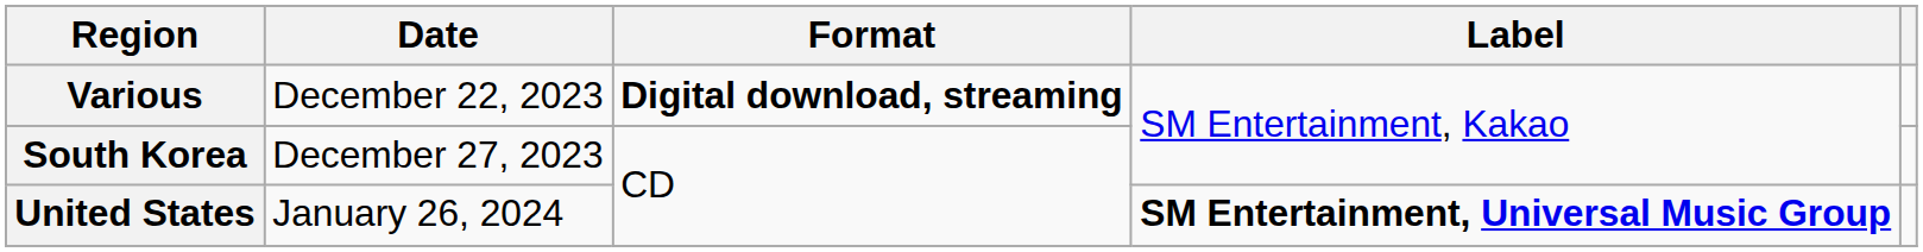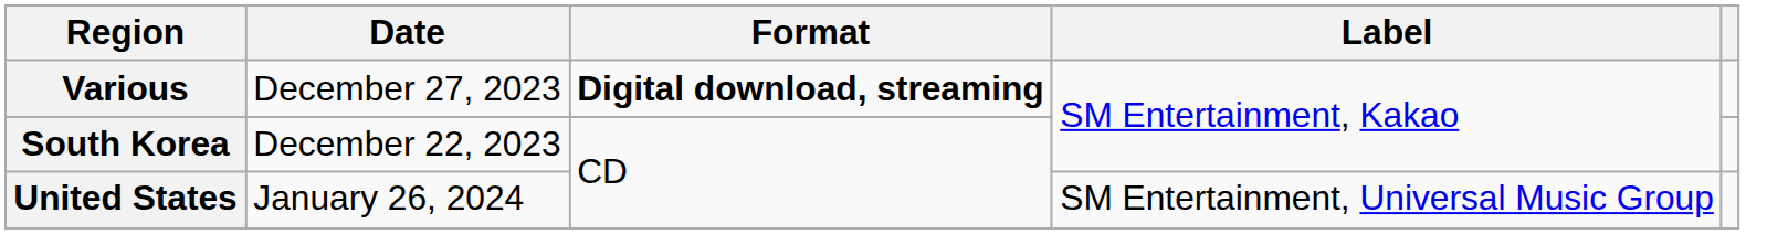 <table class="wikitable plainrowheaders">
 <tr>
 <th scope="col">Region</th>
 <th scope="col">Date</th>
 <th scope="col">Format</th>
 <th scope="col">Label</th>
 <th scope="col"></th>
 </tr>
 <tr>
 <th scope="row">Various</th>
-<td>December 22, 2023</td>
+<td>December 27, 2023</td>
 <td><strong>Digital download, streaming</strong></td>
 <td rowspan="2"><a href='#'>SM Entertainment</a>, <a href='#'>Kakao</a></td>
 <td></td>
 </tr>
 <tr>
 <th scope="row">South Korea</th>
-<td>December 27, 2023</td>
+<td>December 22, 2023</td>
 <td rowspan="2">CD</td>
 <td></td>
 </tr>
 <tr>
 <th scope="row">United States</th>
 <td>January 26, 2024</td>
-<td><strong>SM Entertainment, <a href='#'>Universal Music Group</a></strong></td>
+<td>SM Entertainment, <a href='#'>Universal Music Group</a></td>
 <td></td>
 </tr>
 </table>
